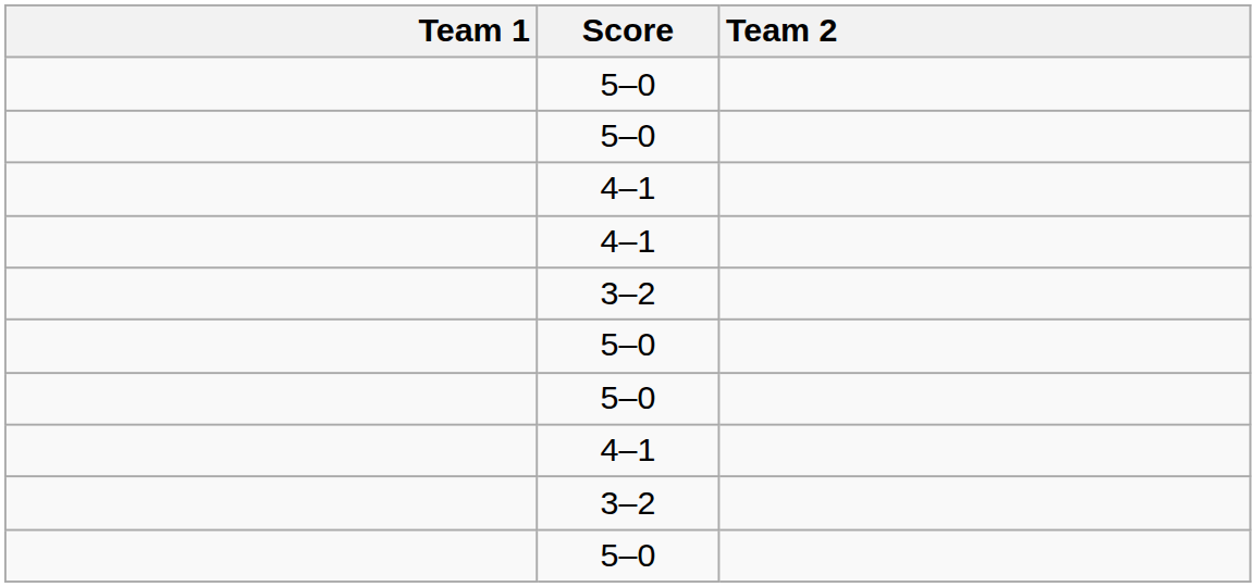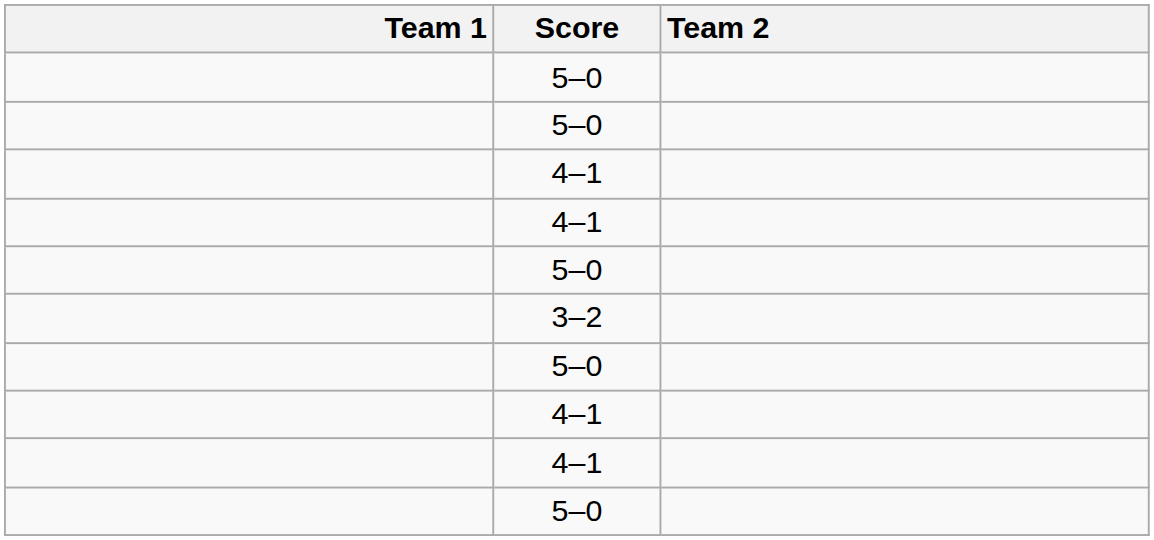 <table class="wikitable" style="text-align: center">
 <tr>
 <th style="text-align: right" width=250>Team 1</th>
 <th width="80">Score</th>
 <th style="text-align: left" width=250>Team 2</th>
 </tr>
 <tr>
 <td style="text-align: right"><strong></strong></td>
 <td>5–0</td>
 <td style="text-align: left"></td>
 </tr>
 <tr>
 <td style="text-align: right"><strong></strong></td>
 <td>5–0</td>
 <td style="text-align: left"></td>
 </tr>
 <tr>
 <td style="text-align: right"><strong></strong></td>
 <td>4–1</td>
 <td style="text-align: left"></td>
 </tr>
 <tr>
 <td style="text-align: right"><strong></strong></td>
 <td>4–1</td>
 <td style="text-align: left"></td>
 </tr>
 <tr>
 <td style="text-align: right"><strong></strong></td>
-<td>3–2</td>
+<td>5–0</td>
 <td style="text-align: left"></td>
 </tr>
 <tr>
 <td style="text-align: right"><strong></strong></td>
-<td>5–0</td>
+<td>3–2</td>
 <td style="text-align: left"></td>
 </tr>
 <tr>
 <td style="text-align: right"><strong></strong></td>
 <td>5–0</td>
 <td style="text-align: left"></td>
 </tr>
 <tr>
 <td style="text-align: right"><strong></strong></td>
 <td>4–1</td>
 <td style="text-align: left"></td>
 </tr>
 <tr>
 <td style="text-align: right"><strong></strong></td>
-<td>3–2</td>
+<td>4–1</td>
 <td style="text-align: left"></td>
 </tr>
 <tr>
 <td style="text-align: right"><strong></strong></td>
 <td>5–0</td>
 <td style="text-align: left"></td>
 </tr>
 </table>
